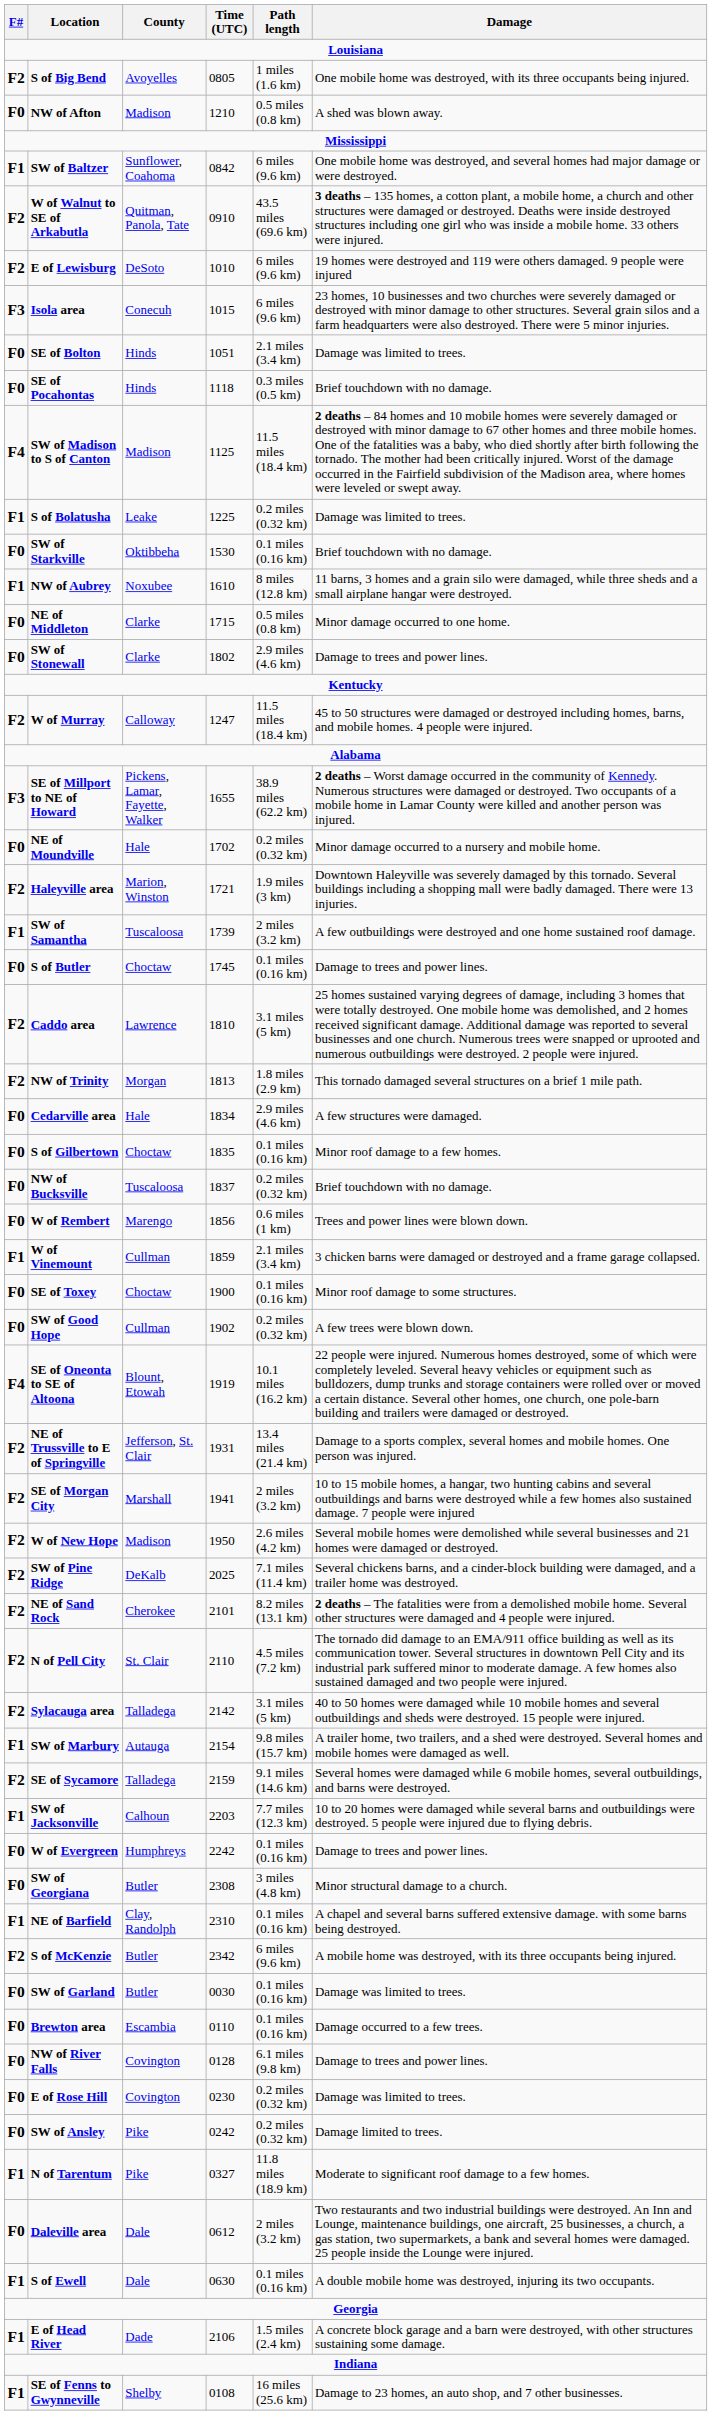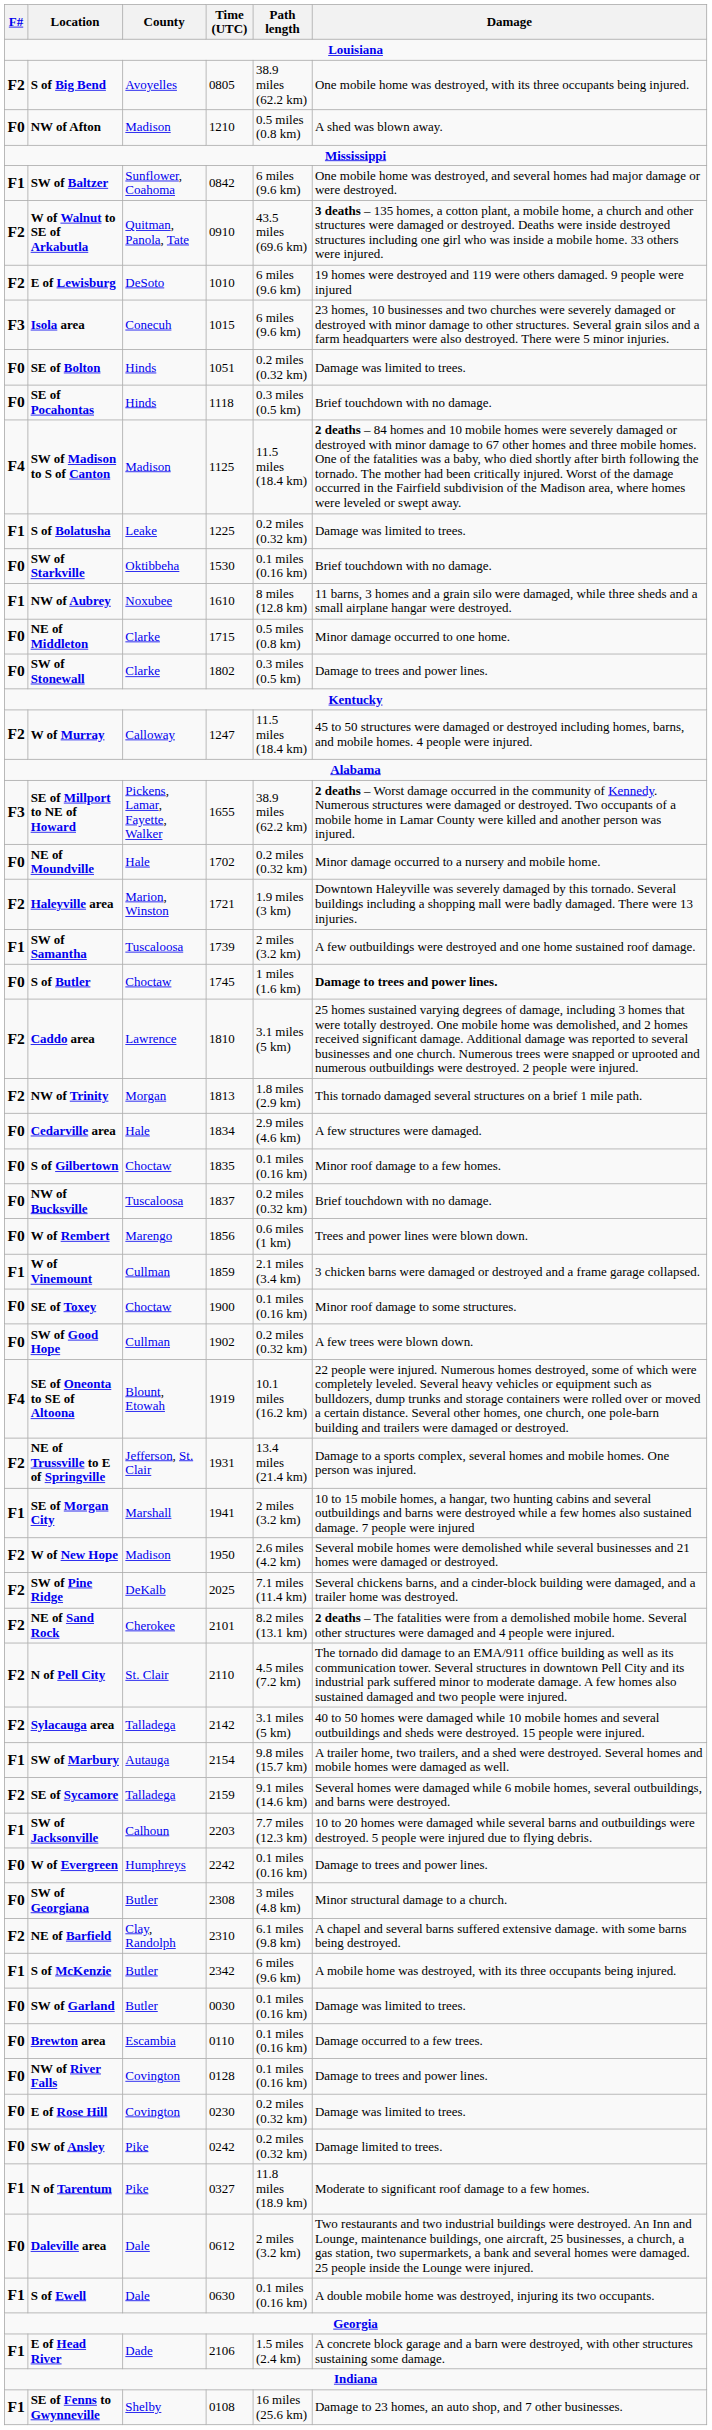 <table class="wikitable">
 <tr>
 <th><strong><a href='#'>F#</a></strong></th>
 <th><strong>Location</strong></th>
 <th><strong>County</strong></th>
 <th><strong>Time (UTC)</strong></th>
 <th><strong>Path length</strong></th>
 <th><strong>Damage</strong></th>
 </tr>
 <tr>
 <td colspan="7" align=center><strong><a href='#'>Louisiana</a></strong></td>
 </tr>
 <tr>
 <td><big><strong>F2</strong></big></td>
 <td><strong>S of <a href='#'>Big Bend</a></strong></td>
 <td><a href='#'>Avoyelles</a></td>
 <td>0805</td>
-<td>1 miles <br>(1.6 km)</td>
+<td>38.9 miles <br>(62.2 km)</td>
 <td>One mobile home was destroyed, with its three occupants being injured.</td>
 </tr>
 <tr>
 <td><big><strong>F0</strong></big></td>
 <td><strong>NW of Afton</strong></td>
 <td><a href='#'>Madison</a></td>
 <td>1210</td>
 <td>0.5 miles <br>(0.8 km)</td>
 <td>A shed was blown away.</td>
 </tr>
 <tr>
 <td colspan="7" align=center><strong><a href='#'>Mississippi</a></strong></td>
 </tr>
 <tr>
 <td><big><strong>F1</strong></big></td>
 <td><strong>SW of <a href='#'>Baltzer</a></strong></td>
 <td><a href='#'>Sunflower</a>, <a href='#'>Coahoma</a></td>
 <td>0842</td>
 <td>6 miles <br>(9.6 km)</td>
 <td>One mobile home was destroyed, and several homes had major damage or were destroyed.</td>
 </tr>
 <tr>
 <td><big><strong>F2</strong></big></td>
 <td><strong>W of <a href='#'>Walnut</a> to SE of <a href='#'>Arkabutla</a></strong></td>
 <td><a href='#'>Quitman</a>, <a href='#'>Panola</a>, <a href='#'>Tate</a></td>
 <td>0910</td>
 <td>43.5 miles <br>(69.6 km)</td>
 <td><strong>3 deaths</strong> – 135 homes, a cotton plant, a mobile home, a church and other structures were damaged or destroyed. Deaths were inside destroyed structures including one girl who was inside a mobile home. 33 others were injured.</td>
 </tr>
 <tr>
 <td><big><strong>F2</strong></big></td>
 <td><strong>E of <a href='#'>Lewisburg</a></strong></td>
 <td><a href='#'>DeSoto</a></td>
 <td>1010</td>
 <td>6 miles <br>(9.6 km)</td>
 <td>19 homes were destroyed and 119 were others damaged. 9 people were injured</td>
 </tr>
 <tr>
 <td><big><strong>F3</strong></big></td>
 <td><strong><a href='#'>Isola</a> area</strong></td>
 <td><a href='#'>Conecuh</a></td>
 <td>1015</td>
 <td>6 miles <br>(9.6 km)</td>
 <td>23 homes, 10 businesses and two churches were severely damaged or destroyed with minor damage to other structures. Several grain silos and a farm headquarters were also destroyed. There were 5 minor injuries.</td>
 </tr>
 <tr>
 <td><big><strong>F0</strong></big></td>
 <td><strong>SE of <a href='#'>Bolton</a></strong></td>
 <td><a href='#'>Hinds</a></td>
 <td>1051</td>
-<td>2.1 miles <br>(3.4 km)</td>
+<td>0.2 miles <br>(0.32 km)</td>
 <td>Damage was limited to trees.</td>
 </tr>
 <tr>
 <td><big><strong>F0</strong></big></td>
 <td><strong>SE of <a href='#'>Pocahontas</a></strong></td>
 <td><a href='#'>Hinds</a></td>
 <td>1118</td>
 <td>0.3 miles <br>(0.5 km)</td>
 <td>Brief touchdown with no damage.</td>
 </tr>
 <tr>
 <td><big><strong>F4</strong></big></td>
 <td><strong>SW of <a href='#'>Madison</a> to S of <a href='#'>Canton</a></strong></td>
 <td><a href='#'>Madison</a></td>
 <td>1125</td>
 <td>11.5 miles <br>(18.4 km)</td>
 <td><strong>2 deaths</strong> – 84 homes and 10 mobile homes were severely damaged or destroyed with minor damage to 67 other homes and three mobile homes. One of the fatalities was a baby, who died shortly after birth following the tornado. The mother had been critically injured. Worst of the damage occurred in the Fairfield subdivision of the Madison area, where homes were leveled or swept away.</td>
 </tr>
 <tr>
 <td><big><strong>F1</strong></big></td>
 <td><strong>S of <a href='#'>Bolatusha</a></strong></td>
 <td><a href='#'>Leake</a></td>
 <td>1225</td>
 <td>0.2 miles <br>(0.32 km)</td>
 <td>Damage was limited to trees.</td>
 </tr>
 <tr>
 <td><big><strong>F0</strong></big></td>
 <td><strong>SW of <a href='#'>Starkville</a></strong></td>
 <td><a href='#'>Oktibbeha</a></td>
 <td>1530</td>
 <td>0.1 miles <br>(0.16 km)</td>
 <td>Brief touchdown with no damage.</td>
 </tr>
 <tr>
 <td><big><strong>F1</strong></big></td>
 <td><strong>NW of <a href='#'>Aubrey</a></strong></td>
 <td><a href='#'>Noxubee</a></td>
 <td>1610</td>
 <td>8 miles <br>(12.8 km)</td>
 <td>11 barns, 3 homes and a grain silo were damaged, while three sheds and a small airplane hangar were destroyed.</td>
 </tr>
 <tr>
 <td><big><strong>F0</strong></big></td>
 <td><strong>NE of <a href='#'>Middleton</a></strong></td>
 <td><a href='#'>Clarke</a></td>
 <td>1715</td>
 <td>0.5 miles <br>(0.8 km)</td>
 <td>Minor damage occurred to one home.</td>
 </tr>
 <tr>
 <td><big><strong>F0</strong></big></td>
 <td><strong>SW of <a href='#'>Stonewall</a></strong></td>
 <td><a href='#'>Clarke</a></td>
 <td>1802</td>
-<td>2.9 miles <br>(4.6 km)</td>
+<td>0.3 miles <br>(0.5 km)</td>
 <td>Damage to trees and power lines.</td>
 </tr>
 <tr>
 <td colspan="7" align=center><strong><a href='#'>Kentucky</a></strong></td>
 </tr>
 <tr>
 <td><big><strong>F2</strong></big></td>
 <td><strong>W of <a href='#'>Murray</a></strong></td>
 <td><a href='#'>Calloway</a></td>
 <td>1247</td>
 <td>11.5 miles <br>(18.4 km)</td>
 <td>45 to 50 structures were damaged or destroyed including homes, barns, and mobile homes. 4 people were injured.</td>
 </tr>
 <tr>
 <td colspan="7" align=center><strong><a href='#'>Alabama</a></strong></td>
 </tr>
 <tr>
 <td><big><strong>F3</strong></big></td>
 <td><strong>SE of <a href='#'>Millport</a> to NE of <a href='#'>Howard</a></strong></td>
 <td><a href='#'>Pickens</a>, <a href='#'>Lamar</a>, <a href='#'>Fayette</a>, <a href='#'>Walker</a></td>
 <td>1655</td>
 <td>38.9 miles <br>(62.2 km)</td>
 <td><strong>2 deaths</strong> – Worst damage occurred in the community of <a href='#'>Kennedy</a>. Numerous structures were damaged or destroyed. Two occupants of a mobile home in Lamar County were killed and another person was injured.</td>
 </tr>
 <tr>
 <td><big><strong>F0</strong></big></td>
 <td><strong>NE of <a href='#'>Moundville</a></strong></td>
 <td><a href='#'>Hale</a></td>
 <td>1702</td>
 <td>0.2 miles <br>(0.32 km)</td>
 <td>Minor damage occurred to a nursery and mobile home.</td>
 </tr>
 <tr>
 <td><big><strong>F2</strong></big></td>
 <td><strong><a href='#'>Haleyville</a> area</strong></td>
 <td><a href='#'>Marion</a>, <a href='#'>Winston</a></td>
 <td>1721</td>
 <td>1.9 miles <br>(3 km)</td>
 <td>Downtown Haleyville was severely damaged by this tornado. Several buildings including a shopping mall were badly damaged. There were 13 injuries.</td>
 </tr>
 <tr>
 <td><big><strong>F1</strong></big></td>
 <td><strong>SW of <a href='#'>Samantha</a></strong></td>
 <td><a href='#'>Tuscaloosa</a></td>
 <td>1739</td>
 <td>2 miles <br>(3.2 km)</td>
 <td>A few outbuildings were destroyed and one home sustained roof damage.</td>
 </tr>
 <tr>
 <td><big><strong>F0</strong></big></td>
 <td><strong>S of <a href='#'>Butler</a></strong></td>
 <td><a href='#'>Choctaw</a></td>
 <td>1745</td>
-<td>0.1 miles <br>(0.16 km)</td>
-<td>Damage to trees and power lines.</td>
+<td>1 miles <br>(1.6 km)</td>
+<td><strong>Damage to trees and power lines.</strong></td>
 </tr>
 <tr>
 <td><big><strong>F2</strong></big></td>
 <td><strong><a href='#'>Caddo</a> area</strong></td>
 <td><a href='#'>Lawrence</a></td>
 <td>1810</td>
 <td>3.1 miles <br>(5 km)</td>
 <td>25 homes sustained varying degrees of damage, including 3 homes that were totally destroyed. One mobile home was demolished, and 2 homes received significant damage. Additional damage was reported to several businesses and one church. Numerous trees were snapped or uprooted and numerous outbuildings were destroyed. 2 people were injured.</td>
 </tr>
 <tr>
 <td><big><strong>F2</strong></big></td>
 <td><strong>NW of <a href='#'>Trinity</a></strong></td>
 <td><a href='#'>Morgan</a></td>
 <td>1813</td>
 <td>1.8 miles <br>(2.9 km)</td>
 <td>This tornado damaged several structures on a brief 1 mile path.</td>
 </tr>
 <tr>
 <td><big><strong>F0</strong></big></td>
 <td><strong><a href='#'>Cedarville</a> area</strong></td>
 <td><a href='#'>Hale</a></td>
 <td>1834</td>
 <td>2.9 miles <br>(4.6 km)</td>
 <td>A few structures were damaged.</td>
 </tr>
 <tr>
 <td><big><strong>F0</strong></big></td>
 <td><strong>S of <a href='#'>Gilbertown</a></strong></td>
 <td><a href='#'>Choctaw</a></td>
 <td>1835</td>
 <td>0.1 miles <br>(0.16 km)</td>
 <td>Minor roof damage to a few homes.</td>
 </tr>
 <tr>
 <td><big><strong>F0</strong></big></td>
 <td><strong>NW of <a href='#'>Bucksville</a></strong></td>
 <td><a href='#'>Tuscaloosa</a></td>
 <td>1837</td>
 <td>0.2 miles <br>(0.32 km)</td>
 <td>Brief touchdown with no damage.</td>
 </tr>
 <tr>
 <td><big><strong>F0</strong></big></td>
 <td><strong>W of <a href='#'>Rembert</a></strong></td>
 <td><a href='#'>Marengo</a></td>
 <td>1856</td>
 <td>0.6 miles <br>(1 km)</td>
 <td>Trees and power lines were blown down.</td>
 </tr>
 <tr>
 <td><big><strong>F1</strong></big></td>
 <td><strong>W of <a href='#'>Vinemount</a></strong></td>
 <td><a href='#'>Cullman</a></td>
 <td>1859</td>
 <td>2.1 miles <br>(3.4 km)</td>
 <td>3 chicken barns were damaged or destroyed and a frame garage collapsed.</td>
 </tr>
 <tr>
 <td><big><strong>F0</strong></big></td>
 <td><strong>SE of <a href='#'>Toxey</a></strong></td>
 <td><a href='#'>Choctaw</a></td>
 <td>1900</td>
 <td>0.1 miles <br>(0.16 km)</td>
 <td>Minor roof damage to some structures.</td>
 </tr>
 <tr>
 <td><big><strong>F0</strong></big></td>
 <td><strong>SW of <a href='#'>Good Hope</a></strong></td>
 <td><a href='#'>Cullman</a></td>
 <td>1902</td>
 <td>0.2 miles <br>(0.32 km)</td>
 <td>A few trees were blown down.</td>
 </tr>
 <tr>
 <td><big><strong>F4</strong></big></td>
 <td><strong>SE of <a href='#'>Oneonta</a> to SE of <a href='#'>Altoona</a></strong></td>
 <td><a href='#'>Blount</a>, <a href='#'>Etowah</a></td>
 <td>1919</td>
 <td>10.1 miles <br>(16.2 km)</td>
 <td>22 people were injured. Numerous homes destroyed, some of which were completely leveled. Several heavy vehicles or equipment such as bulldozers, dump trunks and storage containers were rolled over or moved a certain distance. Several other homes, one church, one pole-barn building and trailers were damaged or destroyed.</td>
 </tr>
 <tr>
 <td><big><strong>F2</strong></big></td>
 <td><strong>NE of <a href='#'>Trussville</a> to E of <a href='#'>Springville</a></strong></td>
 <td><a href='#'>Jefferson</a>, <a href='#'>St. Clair</a></td>
 <td>1931</td>
 <td>13.4 miles <br>(21.4 km)</td>
 <td>Damage to a sports complex, several homes and mobile homes. One person was injured.</td>
 </tr>
 <tr>
-<td><big><strong>F2</strong></big></td>
+<td><big><strong>F1</strong></big></td>
 <td><strong>SE of <a href='#'>Morgan City</a></strong></td>
 <td><a href='#'>Marshall</a></td>
 <td>1941</td>
 <td>2 miles <br>(3.2 km)</td>
 <td>10 to 15 mobile homes, a hangar, two hunting cabins and several outbuildings and barns were destroyed while a few homes also sustained damage. 7 people were injured</td>
 </tr>
 <tr>
 <td><big><strong>F2</strong></big></td>
 <td><strong>W of <a href='#'>New Hope</a></strong></td>
 <td><a href='#'>Madison</a></td>
 <td>1950</td>
 <td>2.6 miles <br>(4.2 km)</td>
 <td>Several mobile homes were demolished while several businesses and 21 homes were damaged or destroyed.</td>
 </tr>
 <tr>
 <td><big><strong>F2</strong></big></td>
 <td><strong>SW of <a href='#'>Pine Ridge</a></strong></td>
 <td><a href='#'>DeKalb</a></td>
 <td>2025</td>
 <td>7.1 miles <br>(11.4 km)</td>
 <td>Several chickens barns, and a cinder-block building were damaged, and a trailer home was destroyed.</td>
 </tr>
 <tr>
 <td><big><strong>F2</strong></big></td>
 <td><strong>NE of <a href='#'>Sand Rock</a></strong></td>
 <td><a href='#'>Cherokee</a></td>
 <td>2101</td>
 <td>8.2 miles <br>(13.1 km)</td>
 <td><strong>2 deaths</strong> – The fatalities were from a demolished mobile home. Several other structures were damaged and 4 people were injured.</td>
 </tr>
 <tr>
 <td><big><strong>F2</strong></big></td>
 <td><strong>N of <a href='#'>Pell City</a></strong></td>
 <td><a href='#'>St. Clair</a></td>
 <td>2110</td>
 <td>4.5 miles <br>(7.2 km)</td>
 <td>The tornado did damage to an EMA/911 office building as well as its communication tower. Several structures in downtown Pell City and its industrial park suffered minor to moderate damage. A few homes also sustained damaged and two people were injured.</td>
 </tr>
 <tr>
 <td><big><strong>F2</strong></big></td>
 <td><strong><a href='#'>Sylacauga</a> area</strong></td>
 <td><a href='#'>Talladega</a></td>
 <td>2142</td>
 <td>3.1 miles <br>(5 km)</td>
 <td>40 to 50 homes were damaged while 10 mobile homes and several outbuildings and sheds were destroyed. 15 people were injured.</td>
 </tr>
 <tr>
 <td><big><strong>F1</strong></big></td>
 <td><strong>SW of <a href='#'>Marbury</a></strong></td>
 <td><a href='#'>Autauga</a></td>
 <td>2154</td>
 <td>9.8 miles <br>(15.7 km)</td>
 <td>A trailer home, two trailers, and a shed were destroyed. Several homes and mobile homes were damaged as well.</td>
 </tr>
 <tr>
 <td><big><strong>F2</strong></big></td>
 <td><strong>SE of <a href='#'>Sycamore</a></strong></td>
 <td><a href='#'>Talladega</a></td>
 <td>2159</td>
 <td>9.1 miles <br>(14.6 km)</td>
 <td>Several homes were damaged while 6 mobile homes, several outbuildings, and barns were destroyed.</td>
 </tr>
 <tr>
 <td><big><strong>F1</strong></big></td>
 <td><strong>SW of <a href='#'>Jacksonville</a></strong></td>
 <td><a href='#'>Calhoun</a></td>
 <td>2203</td>
 <td>7.7 miles <br>(12.3 km)</td>
 <td>10 to 20 homes were damaged while several barns and outbuildings were destroyed. 5 people were injured due to flying debris.</td>
 </tr>
 <tr>
 <td><big><strong>F0</strong></big></td>
 <td><strong>W of <a href='#'>Evergreen</a></strong></td>
 <td><a href='#'>Humphreys</a></td>
 <td>2242</td>
 <td>0.1 miles <br>(0.16 km)</td>
 <td>Damage to trees and power lines.</td>
 </tr>
 <tr>
 <td><big><strong>F0</strong></big></td>
 <td><strong>SW of <a href='#'>Georgiana</a></strong></td>
 <td><a href='#'>Butler</a></td>
 <td>2308</td>
 <td>3 miles <br>(4.8 km)</td>
 <td>Minor structural damage to a church.</td>
 </tr>
 <tr>
-<td><big><strong>F1</strong></big></td>
+<td><big><strong>F2</strong></big></td>
 <td><strong>NE of <a href='#'>Barfield</a></strong></td>
 <td><a href='#'>Clay</a>, <a href='#'>Randolph</a></td>
 <td>2310</td>
-<td>0.1 miles <br>(0.16 km)</td>
+<td>6.1 miles <br>(9.8 km)</td>
 <td>A chapel and several barns suffered extensive damage. with some barns being destroyed.</td>
 </tr>
 <tr>
-<td><big><strong>F2</strong></big></td>
+<td><big><strong>F1</strong></big></td>
 <td><strong>S of <a href='#'>McKenzie</a></strong></td>
 <td><a href='#'>Butler</a></td>
 <td>2342</td>
 <td>6 miles <br>(9.6 km)</td>
 <td>A mobile home was destroyed, with its three occupants being injured.</td>
 </tr>
 <tr>
 <td><big><strong>F0</strong></big></td>
 <td><strong>SW of <a href='#'>Garland</a></strong></td>
 <td><a href='#'>Butler</a></td>
 <td>0030</td>
 <td>0.1 miles <br>(0.16 km)</td>
 <td>Damage was limited to trees.</td>
 </tr>
 <tr>
 <td><big><strong>F0</strong></big></td>
 <td><strong><a href='#'>Brewton</a> area</strong></td>
 <td><a href='#'>Escambia</a></td>
 <td>0110</td>
 <td>0.1 miles <br>(0.16 km)</td>
 <td>Damage occurred to a few trees.</td>
 </tr>
 <tr>
 <td><big><strong>F0</strong></big></td>
 <td><strong>NW of <a href='#'>River Falls</a></strong></td>
 <td><a href='#'>Covington</a></td>
 <td>0128</td>
-<td>6.1 miles <br>(9.8 km)</td>
+<td>0.1 miles <br>(0.16 km)</td>
 <td>Damage to trees and power lines.</td>
 </tr>
 <tr>
 <td><big><strong>F0</strong></big></td>
 <td><strong>E of <a href='#'>Rose Hill</a></strong></td>
 <td><a href='#'>Covington</a></td>
 <td>0230</td>
 <td>0.2 miles <br>(0.32 km)</td>
 <td>Damage was limited to trees.</td>
 </tr>
 <tr>
 <td><big><strong>F0</strong></big></td>
 <td><strong>SW of <a href='#'>Ansley</a></strong></td>
 <td><a href='#'>Pike</a></td>
 <td>0242</td>
 <td>0.2 miles <br>(0.32 km)</td>
 <td>Damage limited to trees.</td>
 </tr>
 <tr>
 <td><big><strong>F1</strong></big></td>
 <td><strong>N of <a href='#'>Tarentum</a></strong></td>
 <td><a href='#'>Pike</a></td>
 <td>0327</td>
 <td>11.8 miles <br>(18.9 km)</td>
 <td>Moderate to significant roof damage to a few homes.</td>
 </tr>
 <tr>
 <td><big><strong>F0</strong></big></td>
 <td><strong><a href='#'>Daleville</a> area</strong></td>
 <td><a href='#'>Dale</a></td>
 <td>0612</td>
 <td>2 miles <br>(3.2 km)</td>
 <td>Two restaurants and two industrial buildings were destroyed. An Inn and Lounge, maintenance buildings, one aircraft, 25 businesses, a church, a gas station, two supermarkets, a bank and several homes were damaged. 25 people inside the Lounge were injured.</td>
 </tr>
 <tr>
 <td><big><strong>F1</strong></big></td>
 <td><strong>S of <a href='#'>Ewell</a></strong></td>
 <td><a href='#'>Dale</a></td>
 <td>0630</td>
 <td>0.1 miles <br>(0.16 km)</td>
 <td>A double mobile home was destroyed, injuring its two occupants.</td>
 </tr>
 <tr>
 <td colspan="7" align=center><strong><a href='#'>Georgia</a></strong></td>
 </tr>
 <tr>
 <td><big><strong>F1</strong></big></td>
 <td><strong>E of <a href='#'>Head River</a></strong></td>
 <td><a href='#'>Dade</a></td>
 <td>2106</td>
 <td>1.5 miles <br>(2.4 km)</td>
 <td>A concrete block garage and a barn were destroyed, with other structures sustaining some damage.</td>
 </tr>
 <tr>
 <td colspan="7" align=center><strong><a href='#'>Indiana</a></strong></td>
 </tr>
 <tr>
 <td><big><strong>F1</strong></big></td>
 <td><strong>SE of <a href='#'>Fenns</a> to <a href='#'>Gwynneville</a></strong></td>
 <td><a href='#'>Shelby</a></td>
 <td>0108</td>
 <td>16 miles <br>(25.6 km)</td>
 <td>Damage to 23 homes, an auto shop, and 7 other businesses.</td>
 </tr>
 </table>
